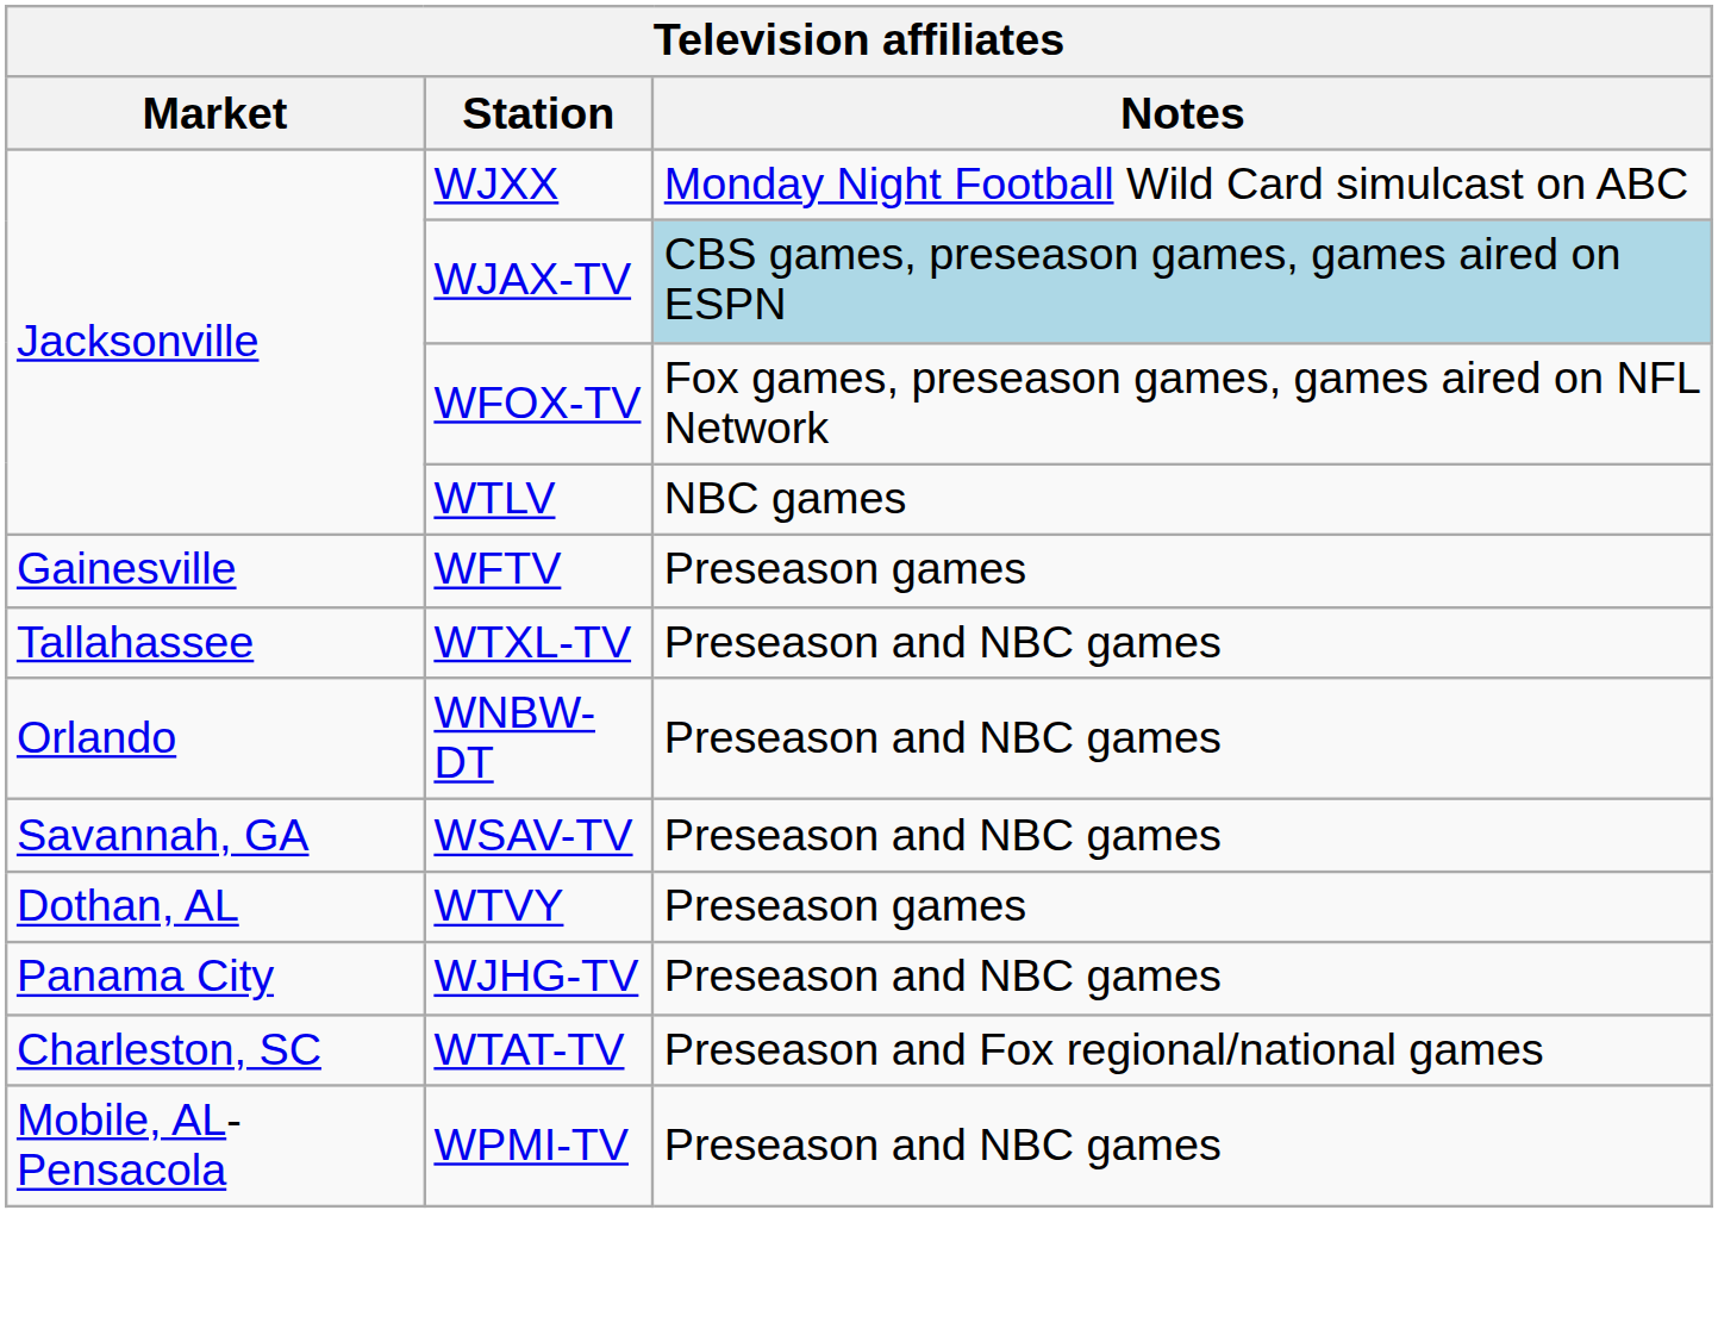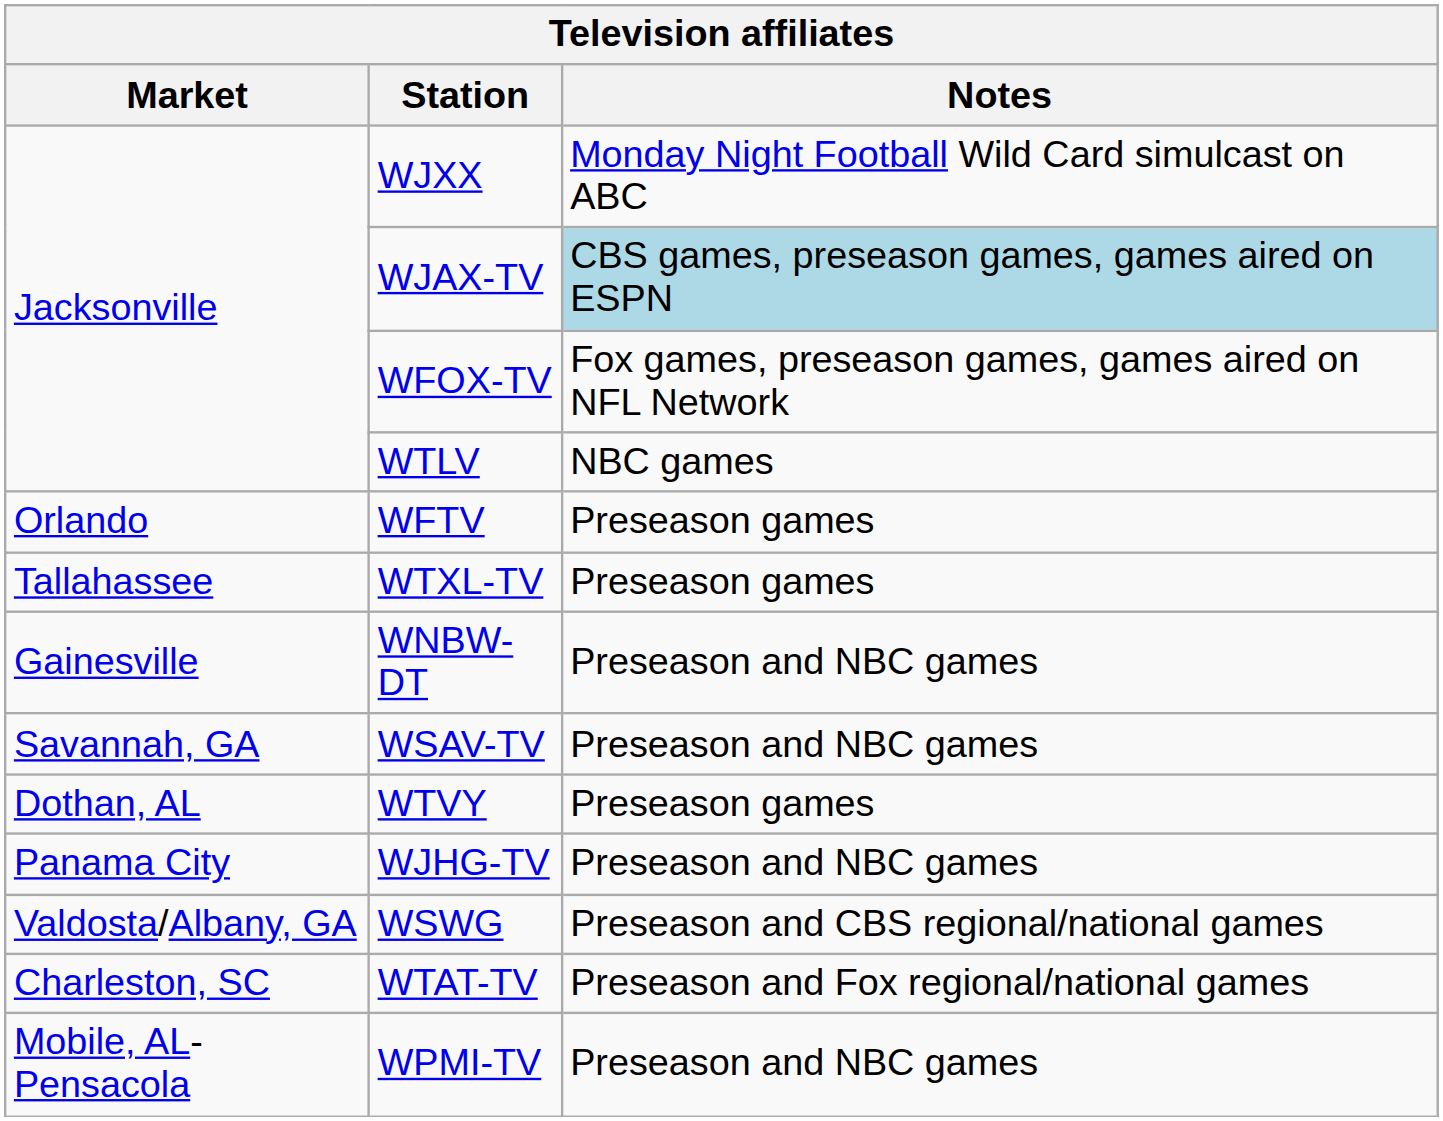 <table class="wikitable">
 <tr>
 <th colspan=3>Television affiliates</th>
 </tr>
 <tr>
 <th>Market</th>
 <th>Station</th>
 <th>Notes</th>
 </tr>
 <tr>
 <td rowspan="4"><a href='#'>Jacksonville</a></td>
 <td><a href='#'>WJXX</a></td>
 <td><a href='#'>Monday Night Football</a> Wild Card simulcast on ABC</td>
 </tr>
 <tr>
 <td><a href='#'>WJAX-TV</a></td>
 <td style="background: lightblue;">CBS games, preseason games, games aired on ESPN</td>
 </tr>
 <tr>
 <td><a href='#'>WFOX-TV</a></td>
 <td>Fox games, preseason games, games aired on NFL Network</td>
 </tr>
 <tr>
 <td><a href='#'>WTLV</a></td>
 <td>NBC games</td>
 </tr>
 <tr>
-<td><a href='#'>Gainesville</a></td>
+<td><a href='#'>Orlando</a></td>
 <td><a href='#'>WFTV</a></td>
 <td>Preseason games</td>
 </tr>
 <tr>
 <td><a href='#'>Tallahassee</a></td>
 <td><a href='#'>WTXL-TV</a></td>
-<td>Preseason and NBC games</td>
+<td>Preseason games</td>
 </tr>
 <tr>
-<td><a href='#'>Orlando</a></td>
+<td><a href='#'>Gainesville</a></td>
 <td><a href='#'>WNBW-DT</a></td>
 <td>Preseason and NBC games</td>
 </tr>
 <tr>
 <td><a href='#'>Savannah, GA</a></td>
 <td><a href='#'>WSAV-TV</a></td>
 <td>Preseason and NBC games</td>
 </tr>
 <tr>
 <td><a href='#'>Dothan, AL</a></td>
 <td><a href='#'>WTVY</a></td>
 <td>Preseason games</td>
 </tr>
 <tr>
 <td><a href='#'>Panama City</a></td>
 <td><a href='#'>WJHG-TV</a></td>
 <td>Preseason and NBC games</td>
 </tr>
 <tr>
+<td><a href='#'>Valdosta</a>/<a href='#'>Albany, GA</a></td>
+<td><a href='#'>WSWG</a></td>
+<td>Preseason and CBS regional/national games</td>
+</tr>
+<tr>
 <td><a href='#'>Charleston, SC</a></td>
 <td><a href='#'>WTAT-TV</a></td>
 <td>Preseason and Fox regional/national games</td>
 </tr>
 <tr>
 <td><a href='#'>Mobile, AL</a>-<a href='#'>Pensacola</a></td>
 <td><a href='#'>WPMI-TV</a></td>
 <td>Preseason and NBC games</td>
 </tr>
 </table>
